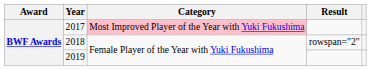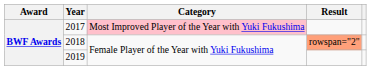 <table class="wikitable plainrowheaders sortable">
 <tr>
 <th scope="col">Award</th>
 <th scope="col">Year</th>
 <th scope="col">Category</th>
 <th scope="col">Result</th>
 <th scope="col" class="unsortable"></th>
 </tr>
 <tr>
 <th scope="row" rowspan="3"><a href='#'>BWF Awards</a></th>
 <td align="center">2017</td>
 <td style="background: pink;">Most Improved Player of the Year with <a href='#'>Yuki Fukushima</a></td>
 <td></td>
 <td align="center"></td>
 </tr>
 <tr>
 <td align="center">2018</td>
 <td rowspan="2">Female Player of the Year with <a href='#'>Yuki Fukushima</a></td>
-<td>rowspan="2" </td>
+<td style="background: lightsalmon;">rowspan="2" </td>
 <td align="center"></td>
 </tr>
 <tr>
 <td align="center">2019</td>
 <td align="center"></td>
 </tr>
 </table>
